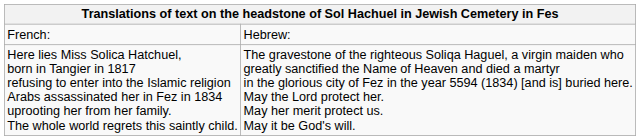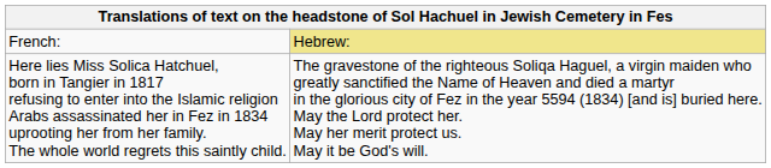 <table class="wikitable">
 <tr>
 <th colspan="2">Translations of text on the headstone of Sol Hachuel in Jewish Cemetery in Fes</th>
 </tr>
 <tr>
 <td>French:</td>
-<td>Hebrew:</td>
+<td style="background: khaki;">Hebrew:</td>
 </tr>
 <tr>
 <td>Here lies Miss Solica Hatchuel,<br>born in Tangier in 1817<br>refusing to enter into the Islamic religion<br>Arabs assassinated her in Fez in 1834<br>uprooting her from her family.<br>The whole world regrets this saintly child.</td>
 <td>The gravestone of the righteous Soliqa Haguel, a virgin maiden who<br>greatly sanctified the Name of Heaven and died a martyr<br>in the glorious city of Fez in the year 5594 (1834) [and is] buried here.<br>May the Lord protect her.<br>May her merit protect us.<br>May it be God's will.</td>
 </tr>
 </table>
